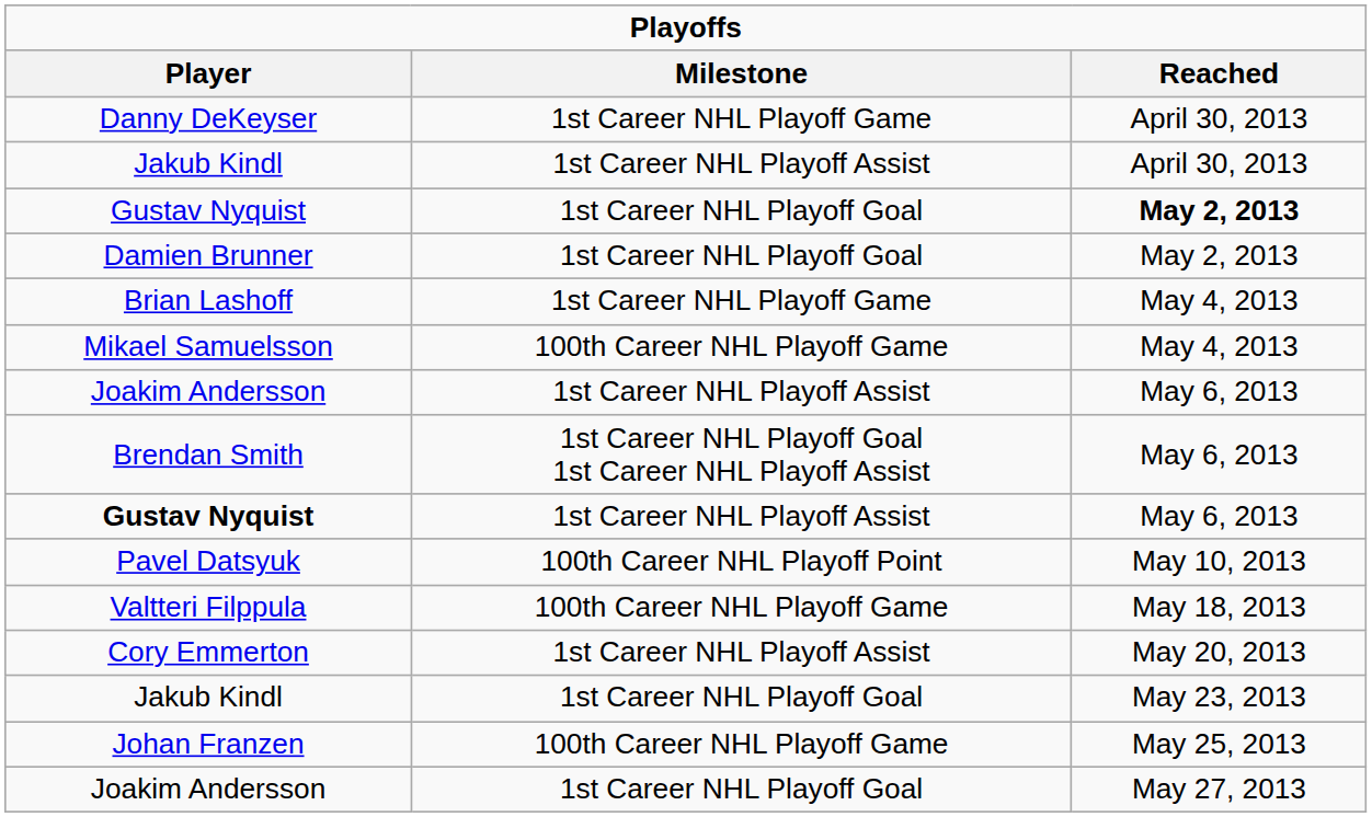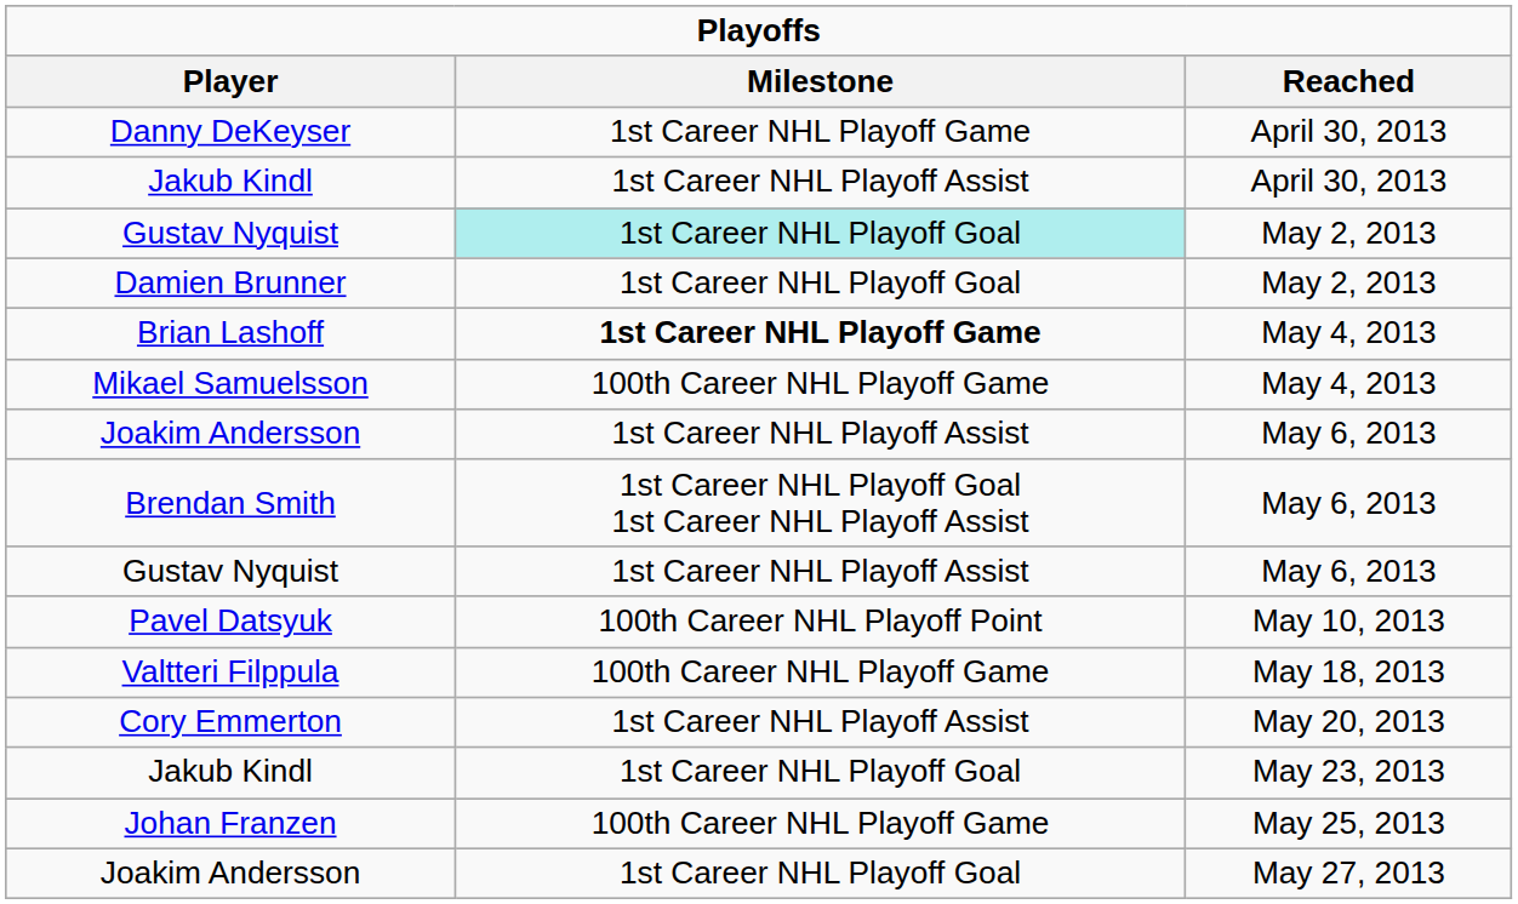 <table class="wikitable" style="width:60%; text-align:center;">
 <tr>
 <td colspan="10" style="text-align:center;"><strong>Playoffs</strong></td>
 </tr>
 <tr>
 <th>Player</th>
 <th>Milestone</th>
 <th>Reached</th>
 </tr>
 <tr>
 <td><a href='#'>Danny DeKeyser</a></td>
 <td>1st Career NHL Playoff Game</td>
 <td>April 30, 2013</td>
 </tr>
 <tr>
 <td><a href='#'>Jakub Kindl</a></td>
 <td>1st Career NHL Playoff Assist</td>
 <td>April 30, 2013</td>
 </tr>
 <tr>
 <td><a href='#'>Gustav Nyquist</a></td>
-<td>1st Career NHL Playoff Goal</td>
-<td><strong>May 2, 2013</strong></td>
+<td style="background: paleturquoise;">1st Career NHL Playoff Goal</td>
+<td>May 2, 2013</td>
 </tr>
 <tr>
 <td><a href='#'>Damien Brunner</a></td>
 <td>1st Career NHL Playoff Goal</td>
 <td>May 2, 2013</td>
 </tr>
 <tr>
 <td><a href='#'>Brian Lashoff</a></td>
-<td>1st Career NHL Playoff Game</td>
+<td><strong>1st Career NHL Playoff Game</strong></td>
 <td>May 4, 2013</td>
 </tr>
 <tr>
 <td><a href='#'>Mikael Samuelsson</a></td>
 <td>100th Career NHL Playoff Game</td>
 <td>May 4, 2013</td>
 </tr>
 <tr>
 <td><a href='#'>Joakim Andersson</a></td>
 <td>1st Career NHL Playoff Assist</td>
 <td>May 6, 2013</td>
 </tr>
 <tr>
 <td><a href='#'>Brendan Smith</a></td>
 <td>1st Career NHL Playoff Goal<br>1st Career NHL Playoff Assist</td>
 <td>May 6, 2013</td>
 </tr>
 <tr>
-<td><strong>Gustav Nyquist</strong></td>
+<td>Gustav Nyquist</td>
 <td>1st Career NHL Playoff Assist</td>
 <td>May 6, 2013</td>
 </tr>
 <tr>
 <td><a href='#'>Pavel Datsyuk</a></td>
 <td>100th Career NHL Playoff Point</td>
 <td>May 10, 2013</td>
 </tr>
 <tr>
 <td><a href='#'>Valtteri Filppula</a></td>
 <td>100th Career NHL Playoff Game</td>
 <td>May 18, 2013</td>
 </tr>
 <tr>
 <td><a href='#'>Cory Emmerton</a></td>
 <td>1st Career NHL Playoff Assist</td>
 <td>May 20, 2013</td>
 </tr>
 <tr>
 <td>Jakub Kindl</td>
 <td>1st Career NHL Playoff Goal</td>
 <td>May 23, 2013</td>
 </tr>
 <tr>
 <td><a href='#'>Johan Franzen</a></td>
 <td>100th Career NHL Playoff Game</td>
 <td>May 25, 2013</td>
 </tr>
 <tr>
 <td>Joakim Andersson</td>
 <td>1st Career NHL Playoff Goal</td>
 <td>May 27, 2013</td>
 </tr>
 </table>
